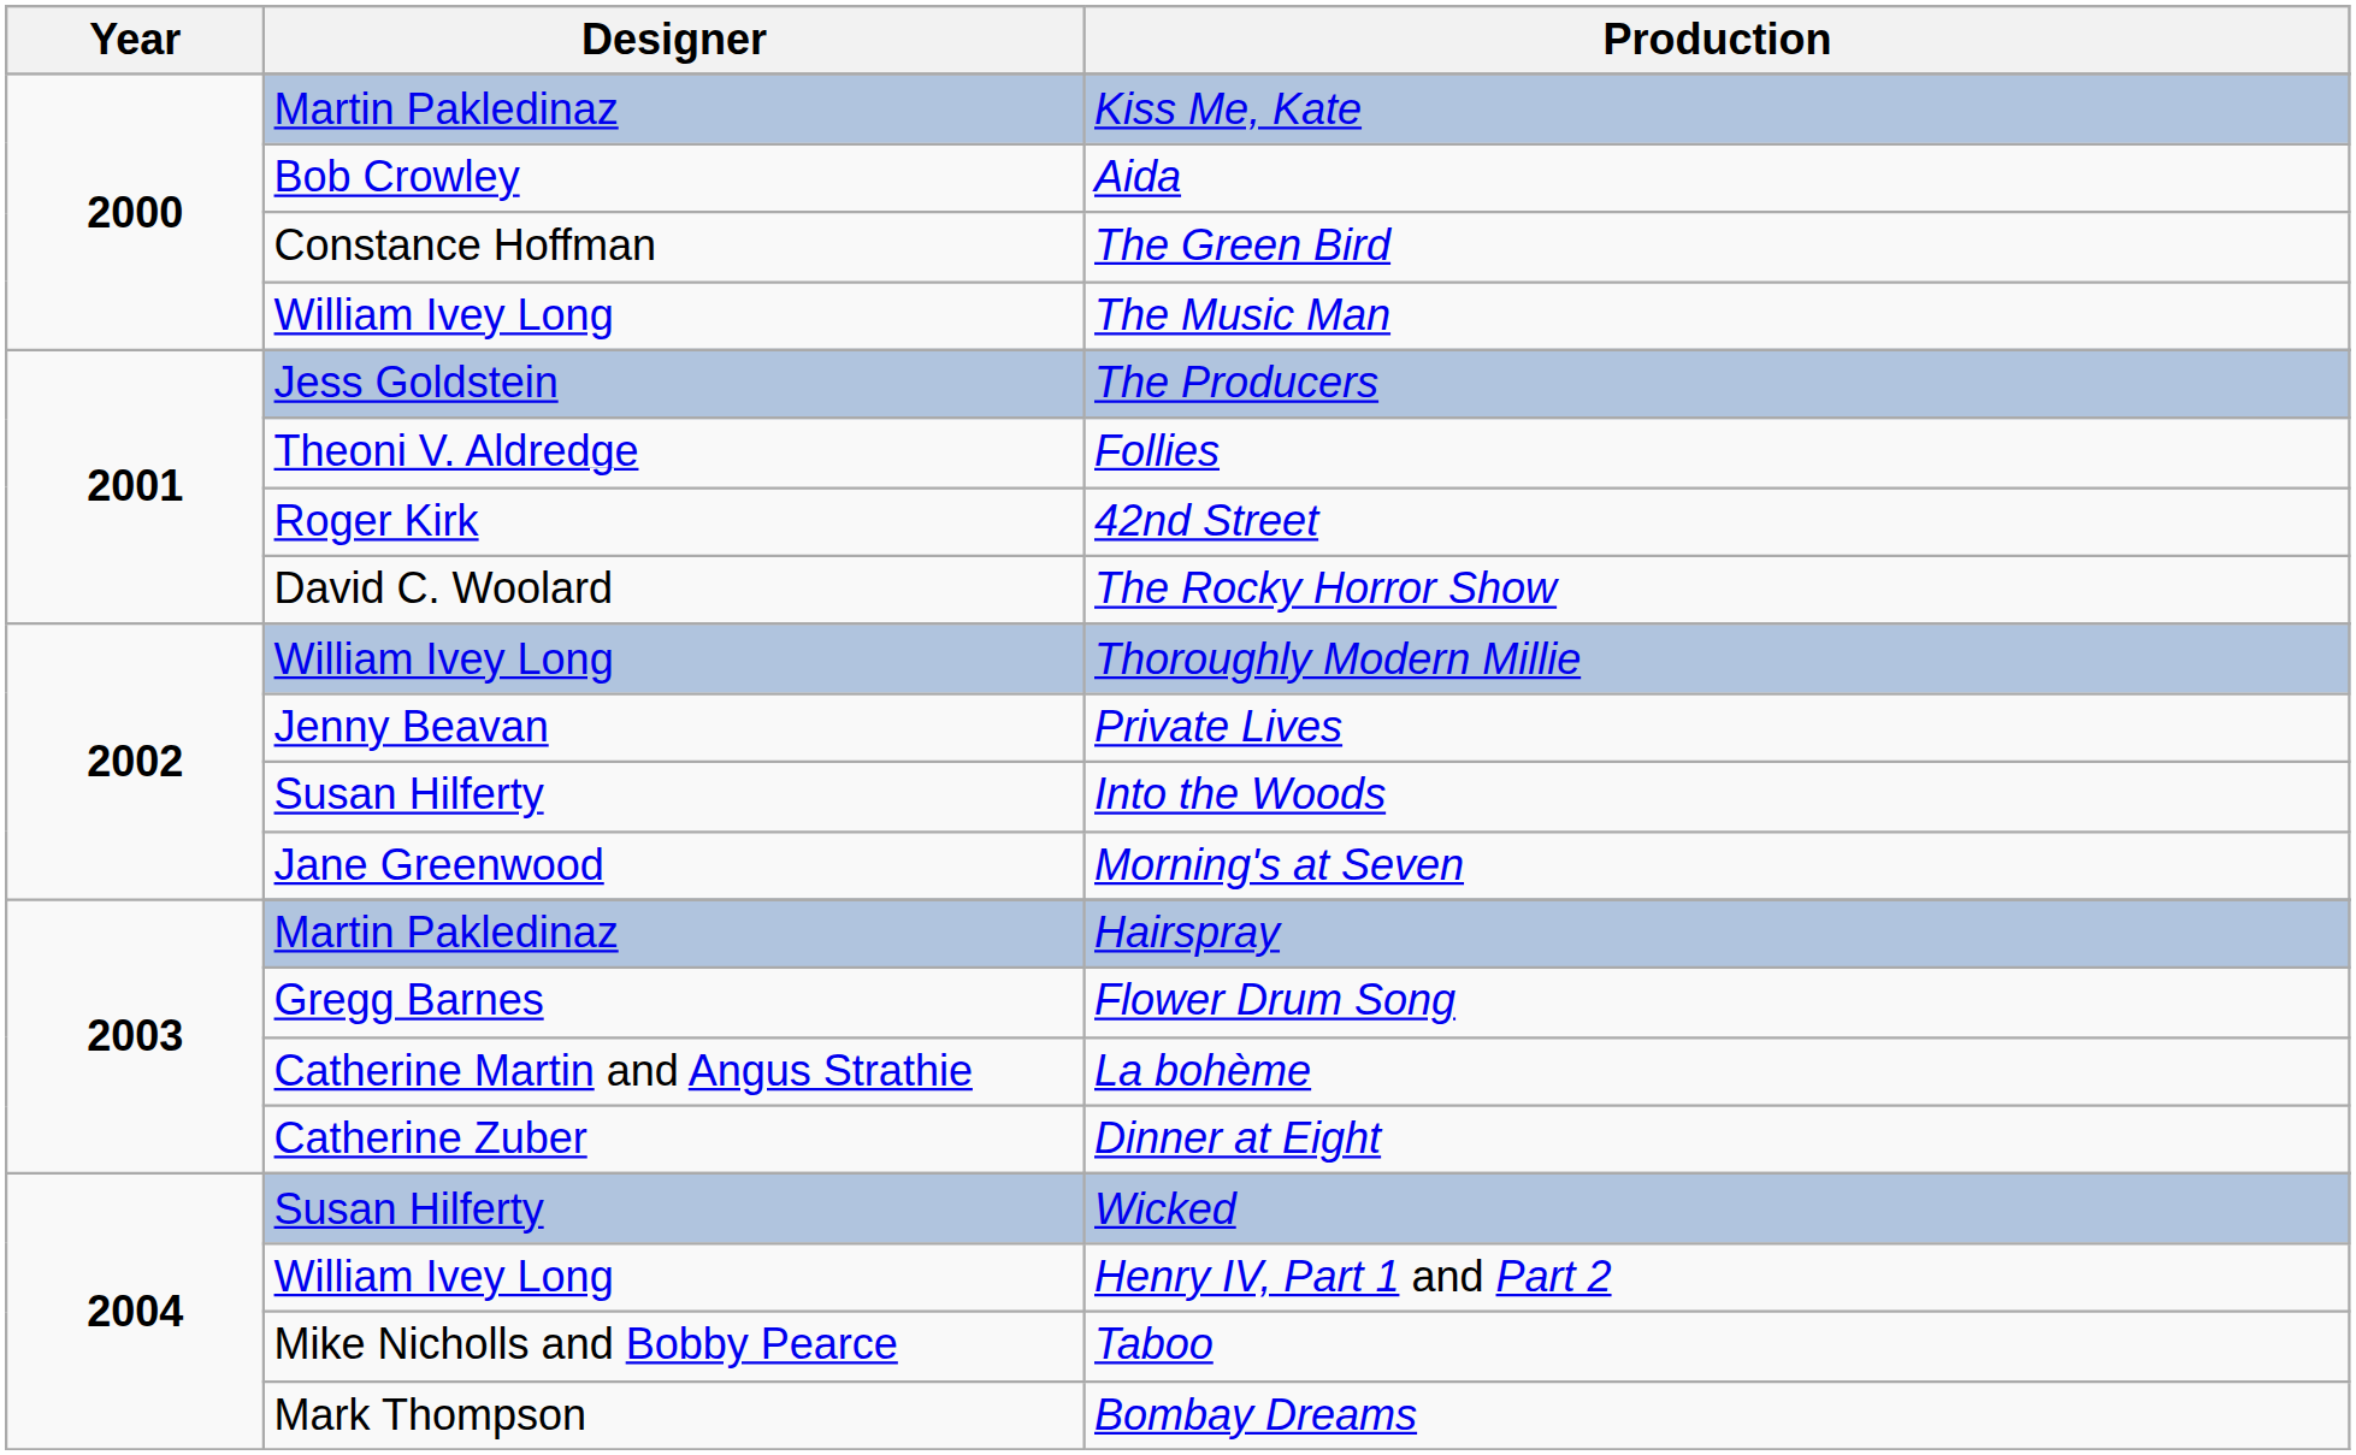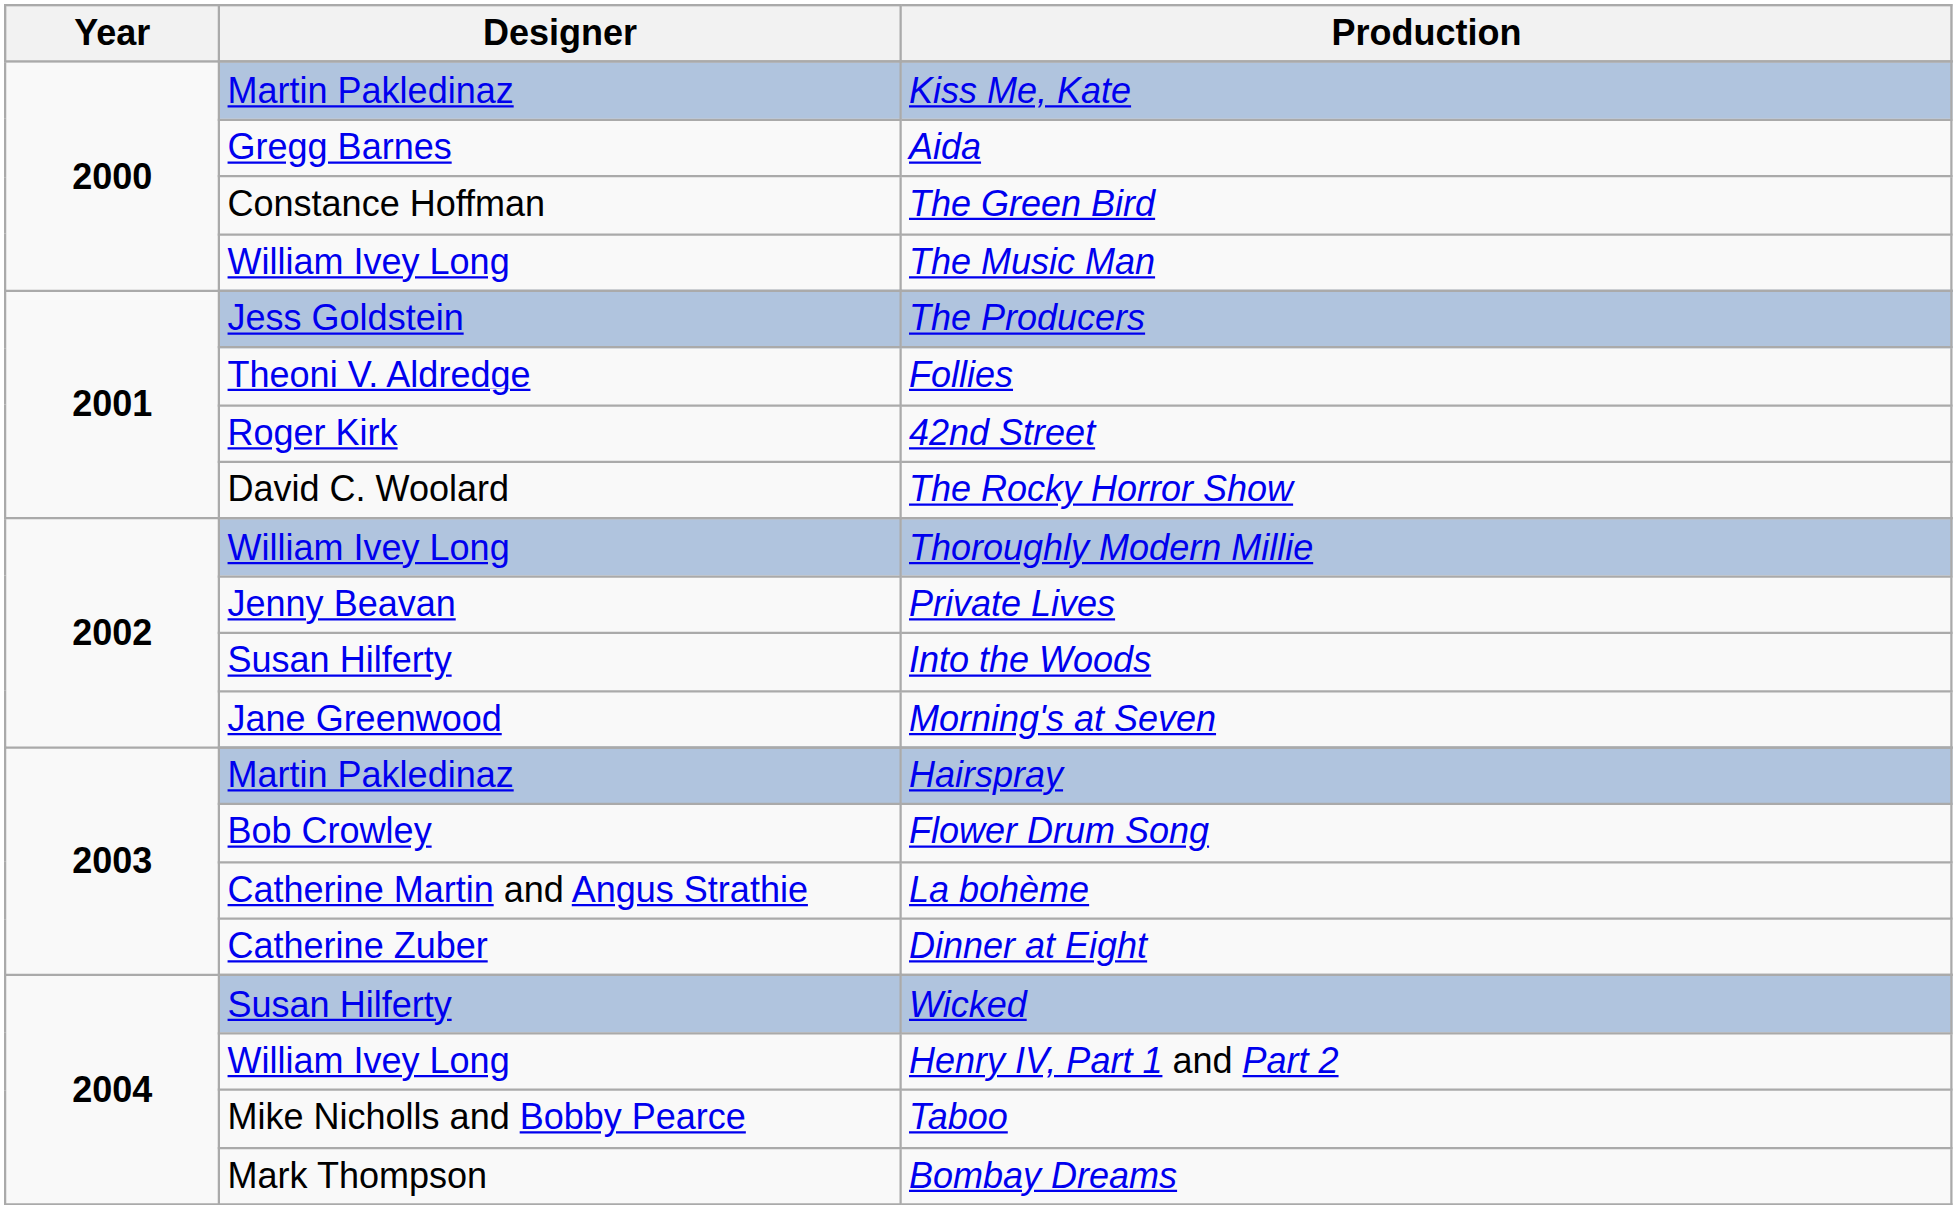 <table class="wikitable" style="width:98%;">
 <tr style="background:#bebebe;">
 <th style="width:11%;">Year</th>
 <th style="width:35%;”">Designer</th>
 <th style="width:54%;”">Production</th>
 </tr>
 <tr>
 <td rowspan="5" align="center"><strong>2000</strong><br></td>
 </tr>
 <tr style="background:#B0C4DE">
 <td><a href='#'>Martin Pakledinaz</a></td>
 <td><em><a href='#'>Kiss Me, Kate</a></em></td>
 </tr>
 <tr>
-<td><a href='#'>Bob Crowley</a></td>
+<td><a href='#'>Gregg Barnes</a></td>
 <td><em><a href='#'>Aida</a></em></td>
 </tr>
 <tr>
 <td>Constance Hoffman</td>
 <td><em><a href='#'>The Green Bird</a></em></td>
 </tr>
 <tr>
 <td><a href='#'>William Ivey Long</a></td>
 <td><em><a href='#'>The Music Man</a></em></td>
 </tr>
 <tr>
 <td rowspan="5" align="center"><strong>2001</strong><br></td>
 </tr>
 <tr style="background:#B0C4DE">
 <td><a href='#'>Jess Goldstein</a></td>
 <td><em><a href='#'>The Producers</a></em></td>
 </tr>
 <tr>
 <td><a href='#'>Theoni V. Aldredge</a></td>
 <td><em><a href='#'>Follies</a></em></td>
 </tr>
 <tr>
 <td><a href='#'>Roger Kirk</a></td>
 <td><em><a href='#'>42nd Street</a></em></td>
 </tr>
 <tr>
 <td>David C. Woolard</td>
 <td><em><a href='#'>The Rocky Horror Show</a></em></td>
 </tr>
 <tr>
 <td rowspan="5" align="center"><strong>2002</strong><br></td>
 </tr>
 <tr style="background:#B0C4DE">
 <td><a href='#'>William Ivey Long</a></td>
 <td><em><a href='#'>Thoroughly Modern Millie</a></em></td>
 </tr>
 <tr>
 <td><a href='#'>Jenny Beavan</a></td>
 <td><em><a href='#'>Private Lives</a></em></td>
 </tr>
 <tr>
 <td><a href='#'>Susan Hilferty</a></td>
 <td><em><a href='#'>Into the Woods</a></em></td>
 </tr>
 <tr>
 <td><a href='#'>Jane Greenwood</a></td>
 <td><em><a href='#'>Morning's at Seven</a></em></td>
 </tr>
 <tr>
 <td rowspan="5" align="center"><strong>2003</strong><br></td>
 </tr>
 <tr style="background:#B0C4DE">
 <td><a href='#'>Martin Pakledinaz</a></td>
 <td><em><a href='#'>Hairspray</a></em></td>
 </tr>
 <tr>
-<td><a href='#'>Gregg Barnes</a></td>
+<td><a href='#'>Bob Crowley</a></td>
 <td><em><a href='#'>Flower Drum Song</a></em></td>
 </tr>
 <tr>
 <td><a href='#'>Catherine Martin</a> and <a href='#'>Angus Strathie</a></td>
 <td><em><a href='#'>La bohème</a></em></td>
 </tr>
 <tr>
 <td><a href='#'>Catherine Zuber</a></td>
 <td><em><a href='#'>Dinner at Eight</a></em></td>
 </tr>
 <tr>
 <td rowspan="5" align="center"><strong>2004</strong><br></td>
 </tr>
 <tr style="background:#B0C4DE">
 <td><a href='#'>Susan Hilferty</a></td>
 <td><em><a href='#'>Wicked</a></em></td>
 </tr>
 <tr>
 <td><a href='#'>William Ivey Long</a></td>
 <td><em><a href='#'>Henry IV, Part 1</a></em> and <em><a href='#'>Part 2</a></em></td>
 </tr>
 <tr>
 <td>Mike Nicholls and <a href='#'>Bobby Pearce</a></td>
 <td><em><a href='#'>Taboo</a></em></td>
 </tr>
 <tr>
 <td>Mark Thompson</td>
 <td><em><a href='#'>Bombay Dreams</a></em></td>
 </tr>
 </table>
